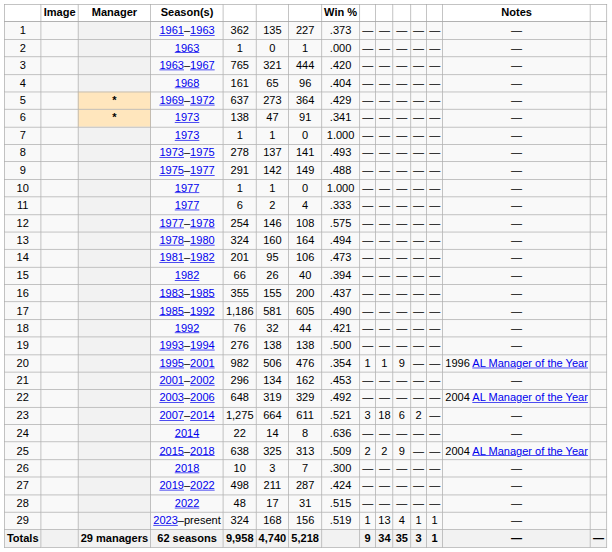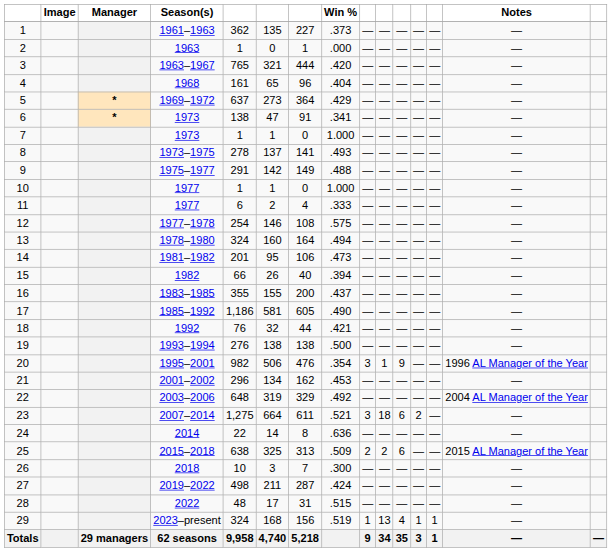 <table class="wikitable sortable plainrowheaders" style="text-align:center;">
 <tr>
 <th scope="col" style="background-color:#ffffff; border-top:#"></th>
 <th scope="col" class="unsortable" style="background-color:#ffffff; border-top:#">Image</th>
 <th scope="col" style="background-color:#ffffff; border-top:#">Manager</th>
 <th scope="col" style="background-color:#ffffff; border-top:#">Season(s)</th>
 <th scope="col" style="background-color:#ffffff; border-top:#"></th>
 <th scope="col" style="background-color:#ffffff; border-top:#"></th>
 <th scope="col" style="background-color:#ffffff; border-top:#"></th>
 <th scope="col" style="background-color:#ffffff; border-top:#">Win %</th>
 <th scope="col" style="background-color:#ffffff; border-top:#"></th>
 <th scope="col" style="background-color:#ffffff; border-top:#"></th>
 <th scope="col" style="background-color:#ffffff; border-top:#"></th>
 <th scope="col" style="background-color:#ffffff; border-top:#"></th>
 <th scope="col" style="background-color:#ffffff; border-top:#"></th>
 <th scope="col" style="background-color:#ffffff; border-top:#">Notes</th>
 <th scope="col" class="unsortable" style="background-color:#ffffff; border-top:#"></th>
 </tr>
 <tr>
 </tr>
 <tr>
 <td>1</td>
 <td></td>
 <th scope="row" style="text-align:center"></th>
 <td><a href='#'>1961</a>–<a href='#'>1963</a></td>
 <td>362</td>
 <td>135</td>
 <td>227</td>
 <td>.373</td>
 <td>—</td>
 <td>—</td>
 <td>—</td>
 <td>—</td>
 <td>—</td>
 <td>—</td>
 <td></td>
 </tr>
 <tr>
 <td>2</td>
 <td></td>
 <th scope="row" style="text-align:center"></th>
 <td><a href='#'>1963</a></td>
 <td>1</td>
 <td>0</td>
 <td>1</td>
 <td>.000</td>
 <td>—</td>
 <td>—</td>
 <td>—</td>
 <td>—</td>
 <td>—</td>
 <td>—</td>
 <td></td>
 </tr>
 <tr>
 <td>3</td>
 <td></td>
 <th scope="row" style="text-align:center"></th>
 <td><a href='#'>1963</a>–<a href='#'>1967</a></td>
 <td>765</td>
 <td>321</td>
 <td>444</td>
 <td>.420</td>
 <td>—</td>
 <td>—</td>
 <td>—</td>
 <td>—</td>
 <td>—</td>
 <td>—</td>
 <td></td>
 </tr>
 <tr>
 <td>4</td>
 <td></td>
 <th scope="row" style="text-align:center"></th>
 <td><a href='#'>1968</a></td>
 <td>161</td>
 <td>65</td>
 <td>96</td>
 <td>.404</td>
 <td>—</td>
 <td>—</td>
 <td>—</td>
 <td>—</td>
 <td>—</td>
 <td>—</td>
 <td></td>
 </tr>
 <tr>
 <td>5</td>
 <td></td>
 <th scope="row" style="text-align:center; background:#FFE6BD">*</th>
 <td><a href='#'>1969</a>–<a href='#'>1972</a></td>
 <td>637</td>
 <td>273</td>
 <td>364</td>
 <td>.429</td>
 <td>—</td>
 <td>—</td>
 <td>—</td>
 <td>—</td>
 <td>—</td>
 <td>—</td>
 <td></td>
 </tr>
 <tr>
 <td>6</td>
 <td></td>
 <th scope="row" style="text-align:center; background:#FFE6BD">*</th>
 <td><a href='#'>1973</a></td>
 <td>138</td>
 <td>47</td>
 <td>91</td>
 <td>.341</td>
 <td>—</td>
 <td>—</td>
 <td>—</td>
 <td>—</td>
 <td>—</td>
 <td>—</td>
 <td></td>
 </tr>
 <tr>
 <td>7</td>
 <td></td>
 <th scope="row" style="text-align:center"></th>
 <td><a href='#'>1973</a></td>
 <td>1</td>
 <td>1</td>
 <td>0</td>
 <td>1.000</td>
 <td>—</td>
 <td>—</td>
 <td>—</td>
 <td>—</td>
 <td>—</td>
 <td>—</td>
 <td></td>
 </tr>
 <tr>
 <td>8</td>
 <td></td>
 <th scope="row" style="text-align:center"></th>
 <td><a href='#'>1973</a>–<a href='#'>1975</a></td>
 <td>278</td>
 <td>137</td>
 <td>141</td>
 <td>.493</td>
 <td>—</td>
 <td>—</td>
 <td>—</td>
 <td>—</td>
 <td>—</td>
 <td>—</td>
 <td></td>
 </tr>
 <tr>
 <td>9</td>
 <td></td>
 <th scope="row" style="text-align:center"></th>
 <td><a href='#'>1975</a>–<a href='#'>1977</a></td>
 <td>291</td>
 <td>142</td>
 <td>149</td>
 <td>.488</td>
 <td>—</td>
 <td>—</td>
 <td>—</td>
 <td>—</td>
 <td>—</td>
 <td>—</td>
 <td></td>
 </tr>
 <tr>
 <td>10</td>
 <td></td>
 <th scope="row" style="text-align:center"></th>
 <td><a href='#'>1977</a></td>
 <td>1</td>
 <td>1</td>
 <td>0</td>
 <td>1.000</td>
 <td>—</td>
 <td>—</td>
 <td>—</td>
 <td>—</td>
 <td>—</td>
 <td>—</td>
 <td></td>
 </tr>
 <tr>
 <td>11</td>
 <td></td>
 <th scope="row" style="text-align:center"></th>
 <td><a href='#'>1977</a></td>
 <td>6</td>
 <td>2</td>
 <td>4</td>
 <td>.333</td>
 <td>—</td>
 <td>—</td>
 <td>—</td>
 <td>—</td>
 <td>—</td>
 <td>—</td>
 <td></td>
 </tr>
 <tr>
 <td>12</td>
 <td></td>
 <th scope="row" style="text-align:center"></th>
 <td><a href='#'>1977</a>–<a href='#'>1978</a></td>
 <td>254</td>
 <td>146</td>
 <td>108</td>
 <td>.575</td>
 <td>—</td>
 <td>—</td>
 <td>—</td>
 <td>—</td>
 <td>—</td>
 <td>—</td>
 <td></td>
 </tr>
 <tr>
 <td>13</td>
 <td></td>
 <th scope="row" style="text-align:center"></th>
 <td><a href='#'>1978</a>–<a href='#'>1980</a></td>
 <td>324</td>
 <td>160</td>
 <td>164</td>
 <td>.494</td>
 <td>—</td>
 <td>—</td>
 <td>—</td>
 <td>—</td>
 <td>—</td>
 <td>—</td>
 <td></td>
 </tr>
 <tr>
 <td>14</td>
 <td></td>
 <th scope="row" style="text-align:center"></th>
 <td><a href='#'>1981</a>–<a href='#'>1982</a></td>
 <td>201</td>
 <td>95</td>
 <td>106</td>
 <td>.473</td>
 <td>—</td>
 <td>—</td>
 <td>—</td>
 <td>—</td>
 <td>—</td>
 <td>—</td>
 <td></td>
 </tr>
 <tr>
 <td>15</td>
 <td></td>
 <th scope="row" style="text-align:center"></th>
 <td><a href='#'>1982</a></td>
 <td>66</td>
 <td>26</td>
 <td>40</td>
 <td>.394</td>
 <td>—</td>
 <td>—</td>
 <td>—</td>
 <td>—</td>
 <td>—</td>
 <td>—</td>
 <td></td>
 </tr>
 <tr>
 <td>16</td>
 <td></td>
 <th scope="row" style="text-align:center"></th>
 <td><a href='#'>1983</a>–<a href='#'>1985</a></td>
 <td>355</td>
 <td>155</td>
 <td>200</td>
 <td>.437</td>
 <td>—</td>
 <td>—</td>
 <td>—</td>
 <td>—</td>
 <td>—</td>
 <td>—</td>
 <td></td>
 </tr>
 <tr>
 <td>17</td>
 <td></td>
 <th scope="row" style="text-align:center"></th>
 <td><a href='#'>1985</a>–<a href='#'>1992</a></td>
 <td>1,186</td>
 <td>581</td>
 <td>605</td>
 <td>.490</td>
 <td>—</td>
 <td>—</td>
 <td>—</td>
 <td>—</td>
 <td>—</td>
 <td>—</td>
 <td></td>
 </tr>
 <tr>
 <td>18</td>
 <td></td>
 <th scope="row" style="text-align:center"></th>
 <td><a href='#'>1992</a></td>
 <td>76</td>
 <td>32</td>
 <td>44</td>
 <td>.421</td>
 <td>—</td>
 <td>—</td>
 <td>—</td>
 <td>—</td>
 <td>—</td>
 <td>—</td>
 <td></td>
 </tr>
 <tr>
 <td>19</td>
 <td></td>
 <th scope="row" style="text-align:center"></th>
 <td><a href='#'>1993</a>–<a href='#'>1994</a></td>
 <td>276</td>
 <td>138</td>
 <td>138</td>
 <td>.500</td>
 <td>—</td>
 <td>—</td>
 <td>—</td>
 <td>—</td>
 <td>—</td>
 <td>—</td>
 <td></td>
 </tr>
 <tr>
 <td>20</td>
 <td></td>
 <th scope="row" style="text-align:center"></th>
 <td><a href='#'>1995</a>–<a href='#'>2001</a></td>
 <td>982</td>
 <td>506</td>
 <td>476</td>
 <td>.354</td>
-<td>1</td>
+<td>3</td>
 <td>1</td>
 <td>9</td>
 <td>—</td>
 <td>—</td>
 <td>1996 <a href='#'>AL Manager of the Year</a></td>
 <td></td>
 </tr>
 <tr>
 <td>21</td>
 <td></td>
 <th scope="row" style="text-align:center"></th>
 <td><a href='#'>2001</a>–<a href='#'>2002</a></td>
 <td>296</td>
 <td>134</td>
 <td>162</td>
 <td>.453</td>
 <td>—</td>
 <td>—</td>
 <td>—</td>
 <td>—</td>
 <td>—</td>
 <td>—</td>
 <td></td>
 </tr>
 <tr>
 <td>22</td>
 <td></td>
 <th scope="row" style="text-align:center"></th>
 <td><a href='#'>2003</a>–<a href='#'>2006</a></td>
 <td>648</td>
 <td>319</td>
 <td>329</td>
 <td>.492</td>
 <td>—</td>
 <td>—</td>
 <td>—</td>
 <td>—</td>
 <td>—</td>
 <td>2004 <a href='#'>AL Manager of the Year</a></td>
 <td></td>
 </tr>
 <tr>
 <td>23</td>
 <td></td>
 <th scope="row" style="text-align:center"></th>
 <td><a href='#'>2007</a>–<a href='#'>2014</a></td>
 <td>1,275</td>
 <td>664</td>
 <td>611</td>
 <td>.521</td>
 <td>3</td>
 <td>18</td>
 <td>6</td>
 <td>2</td>
 <td>—</td>
 <td>—</td>
 <td></td>
 </tr>
 <tr>
 <td>24</td>
 <td></td>
 <th scope="row" style="text-align:center"></th>
 <td><a href='#'>2014</a></td>
 <td>22</td>
 <td>14</td>
 <td>8</td>
 <td>.636</td>
 <td>—</td>
 <td>—</td>
 <td>—</td>
 <td>—</td>
 <td>—</td>
 <td>—</td>
 <td></td>
 </tr>
 <tr>
 <td>25</td>
 <td></td>
 <th scope="row" style="text-align:center"></th>
 <td><a href='#'>2015</a>–<a href='#'>2018</a></td>
 <td>638</td>
 <td>325</td>
 <td>313</td>
 <td>.509</td>
 <td>2</td>
 <td>2</td>
-<td>9</td>
+<td>6</td>
 <td>—</td>
 <td>—</td>
-<td>2004 <a href='#'>AL Manager of the Year</a></td>
+<td>2015 <a href='#'>AL Manager of the Year</a></td>
 <td></td>
 </tr>
 <tr>
 <td>26</td>
 <td></td>
 <th scope="row" style="text-align:center"></th>
 <td><a href='#'>2018</a></td>
 <td>10</td>
 <td>3</td>
 <td>7</td>
 <td>.300</td>
 <td>—</td>
 <td>—</td>
 <td>—</td>
 <td>—</td>
 <td>—</td>
 <td>—</td>
 <td></td>
 </tr>
 <tr>
 <td>27</td>
 <td></td>
 <th scope="row" style="text-align:center"></th>
 <td><a href='#'>2019</a>–<a href='#'>2022</a></td>
 <td>498</td>
 <td>211</td>
 <td>287</td>
 <td>.424</td>
 <td>—</td>
 <td>—</td>
 <td>—</td>
 <td>—</td>
 <td>—</td>
 <td>—</td>
 <td></td>
 </tr>
 <tr>
 <td>28</td>
 <td></td>
 <th scope="row" style="text-align:center"></th>
 <td><a href='#'>2022</a></td>
 <td>48</td>
 <td>17</td>
 <td>31</td>
 <td>.515</td>
 <td>—</td>
 <td>—</td>
 <td>—</td>
 <td>—</td>
 <td>—</td>
 <td>—</td>
 <td></td>
 </tr>
 <tr>
 <td>29</td>
 <td></td>
 <th scope="row" style="text-align:center"></th>
 <td><a href='#'>2023</a>–present</td>
 <td>324</td>
 <td>168</td>
 <td>156</td>
 <td>.519</td>
 <td>1</td>
 <td>13</td>
 <td>4</td>
 <td>1</td>
 <td>1</td>
 <td>—</td>
 <td></td>
 </tr>
 <tr class="sortbottom">
 <th scope="row" style="text-align:center"><strong>Totals</strong></th>
 <th></th>
 <th>29 managers</th>
 <th>62 seasons</th>
 <th>9,958</th>
 <th>4,740</th>
 <th>5,218</th>
 <th></th>
 <th>9</th>
 <th>34</th>
 <th>35</th>
 <th>3</th>
 <th>1</th>
 <th>—</th>
 <th>—</th>
 </tr>
 </table>
